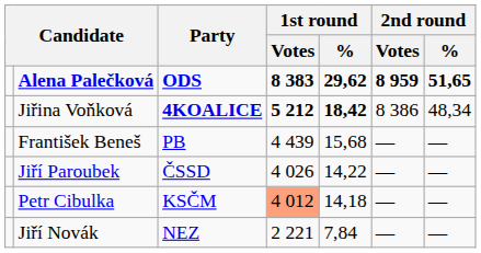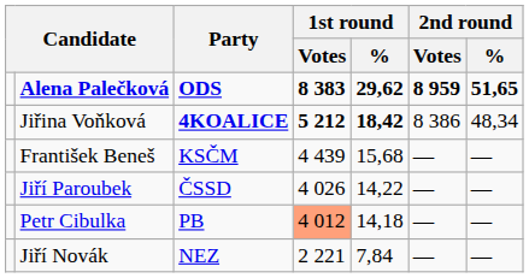 <table class="wikitable sortable">
 <tr>
 <th colspan="2" rowspan="2">Candidate</th>
 <th rowspan="2">Party</th>
 <th colspan="2">1st round</th>
 <th colspan="2">2nd round</th>
 </tr>
 <tr>
 <th>Votes</th>
 <th>%</th>
 <th>Votes</th>
 <th>%</th>
 </tr>
 <tr>
 <td style="background-color:"></td>
 <td><strong><a href='#'>Alena Palečková</a></strong></td>
 <td><a href='#'><strong>ODS</strong></a></td>
 <td><strong>8 383</strong></td>
 <td><strong>29,62</strong></td>
 <td><strong>8 959</strong></td>
 <td><strong>51,65</strong></td>
 </tr>
 <tr>
 <td style="background-color:"></td>
 <td>Jiřina Voňková</td>
 <td><a href='#'><strong>4KOALICE</strong></a></td>
 <td><strong>5 212</strong></td>
 <td><strong>18,42</strong></td>
 <td>8 386</td>
 <td>48,34</td>
 </tr>
 <tr>
 <td style="background-color:"></td>
 <td>František Beneš</td>
-<td><a href='#'>PB</a></td>
+<td><a href='#'>KSČM</a></td>
 <td>4 439</td>
 <td>15,68</td>
 <td>—</td>
 <td>—</td>
 </tr>
 <tr>
 <td style="background-color:"></td>
 <td><a href='#'>Jiří Paroubek</a></td>
 <td><a href='#'>ČSSD</a></td>
 <td>4 026</td>
 <td>14,22</td>
 <td>—</td>
 <td>—</td>
 </tr>
 <tr>
 <td style="background-color:"></td>
 <td><a href='#'>Petr Cibulka</a></td>
-<td><a href='#'>KSČM</a></td>
+<td><a href='#'>PB</a></td>
 <td style="background: lightsalmon;">4 012</td>
 <td>14,18</td>
 <td>—</td>
 <td>—</td>
 </tr>
 <tr>
 <td style="background-color:"></td>
 <td>Jiří Novák</td>
 <td><a href='#'>NEZ</a></td>
 <td>2 221</td>
 <td>7,84</td>
 <td>—</td>
 <td>—</td>
 </tr>
 </table>
